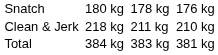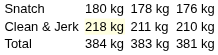 <table>
 <tr>
 <td>Snatch</td>
 <td></td>
 <td>180 kg</td>
 <td></td>
 <td>178 kg</td>
 <td></td>
 <td>176 kg</td>
 </tr>
 <tr>
 <td>Clean & Jerk</td>
 <td></td>
-<td>218 kg</td>
+<td style="background: lightyellow;">218 kg</td>
 <td></td>
 <td>211 kg</td>
 <td></td>
 <td>210 kg</td>
 </tr>
 <tr>
 <td>Total</td>
 <td></td>
 <td>384 kg</td>
 <td></td>
 <td>383 kg</td>
 <td></td>
 <td>381 kg</td>
 </tr>
 </table>
